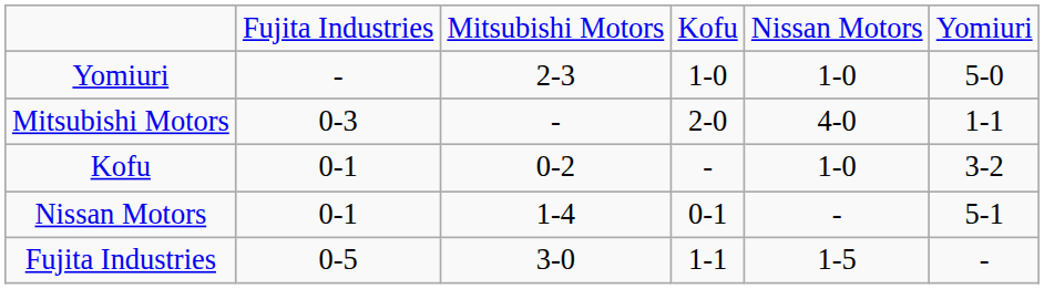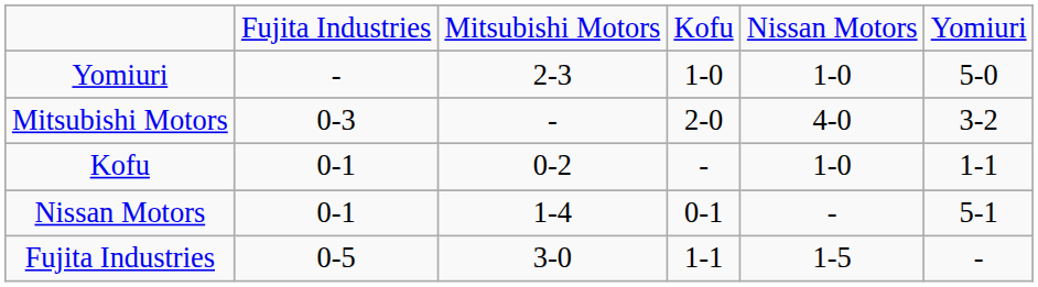 <table class="wikitable">
 <tr align=center>
 <td></td>
 <td><a href='#'>Fujita Industries</a></td>
 <td><a href='#'>Mitsubishi Motors</a></td>
 <td><a href='#'>Kofu</a></td>
 <td><a href='#'>Nissan Motors</a></td>
 <td><a href='#'>Yomiuri</a></td>
 </tr>
 <tr align=center>
 <td><a href='#'>Yomiuri</a></td>
 <td>-</td>
 <td>2-3</td>
 <td>1-0</td>
 <td>1-0</td>
 <td>5-0</td>
 </tr>
 <tr align=center>
 <td><a href='#'>Mitsubishi Motors</a></td>
 <td>0-3</td>
 <td>-</td>
 <td>2-0</td>
 <td>4-0</td>
-<td>1-1</td>
+<td>3-2</td>
 </tr>
 <tr align=center>
 <td><a href='#'>Kofu</a></td>
 <td>0-1</td>
 <td>0-2</td>
 <td>-</td>
 <td>1-0</td>
-<td>3-2</td>
+<td>1-1</td>
 </tr>
 <tr align=center>
 <td><a href='#'>Nissan Motors</a></td>
 <td>0-1</td>
 <td>1-4</td>
 <td>0-1</td>
 <td>-</td>
 <td>5-1</td>
 </tr>
 <tr align=center>
 <td><a href='#'>Fujita Industries</a></td>
 <td>0-5</td>
 <td>3-0</td>
 <td>1-1</td>
 <td>1-5</td>
 <td>-</td>
 </tr>
 </table>
